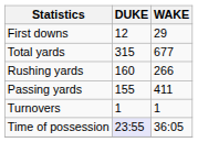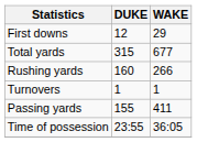 <table class="wikitable" style="float: left;">
 <tr>
 <th>Statistics</th>
 <th>DUKE</th>
 <th>WAKE</th>
 </tr>
 <tr>
 <td>First downs</td>
 <td>12</td>
 <td>29</td>
 </tr>
 <tr>
 <td>Total yards</td>
 <td>315</td>
 <td>677</td>
 </tr>
 <tr>
 <td>Rushing yards</td>
 <td>160</td>
 <td>266</td>
 </tr>
 <tr>
+<td>Turnovers</td>
+<td>1</td>
+<td>1</td>
+</tr>
+<tr>
 <td>Passing yards</td>
 <td>155</td>
 <td>411</td>
 </tr>
 <tr>
-<td>Turnovers</td>
-<td>1</td>
-<td>1</td>
-</tr>
-<tr>
 <td>Time of possession</td>
-<td style="background: lavender;">23:55</td>
+<td>23:55</td>
 <td>36:05</td>
 </tr>
 <tr>
 </tr>
 </table>
